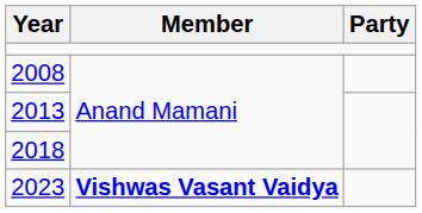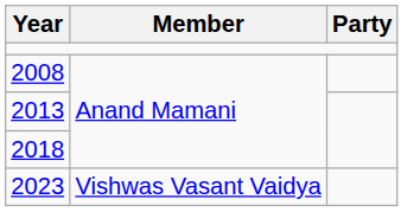 <table class="wikitable">
 <tr>
 <th>Year</th>
 <th>Member</th>
 <th colspan=2>Party</th>
 </tr>
 <tr>
 <td colspan="4"></td>
 </tr>
 <tr>
 <td><a href='#'>2008</a></td>
 <td rowspan="3"><a href='#'>Anand Mamani</a></td>
 <td></td>
 </tr>
 <tr>
 <td><a href='#'>2013</a></td>
 </tr>
 <tr>
 <td><a href='#'>2018</a></td>
 </tr>
 <tr>
 <td><a href='#'>2023</a></td>
-<td><strong><a href='#'>Vishwas Vasant Vaidya</a></strong></td>
+<td><a href='#'>Vishwas Vasant Vaidya</a></td>
 <td></td>
 </tr>
 </table>
